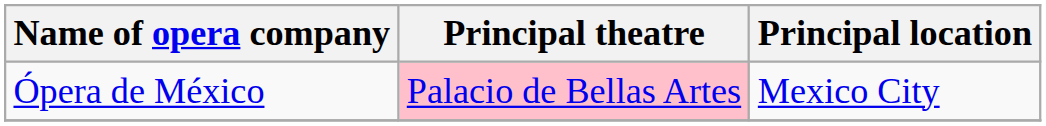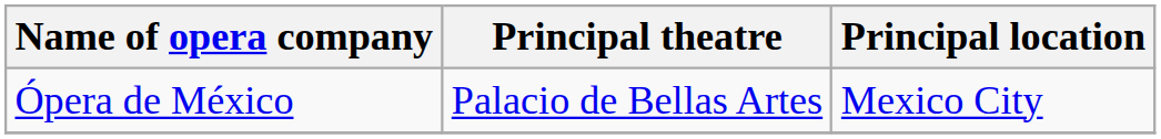 <table class="wikitable">
 <tr>
 <th>Name of <a href='#'>opera</a> company</th>
 <th>Principal theatre</th>
 <th>Principal location</th>
 </tr>
 <tr>
 <td><a href='#'>Ópera de México</a></td>
-<td style="background: pink;"><a href='#'>Palacio de Bellas Artes</a></td>
+<td><a href='#'>Palacio de Bellas Artes</a></td>
 <td><a href='#'>Mexico City</a></td>
 </tr>
 <tr>
 </tr>
 </table>
